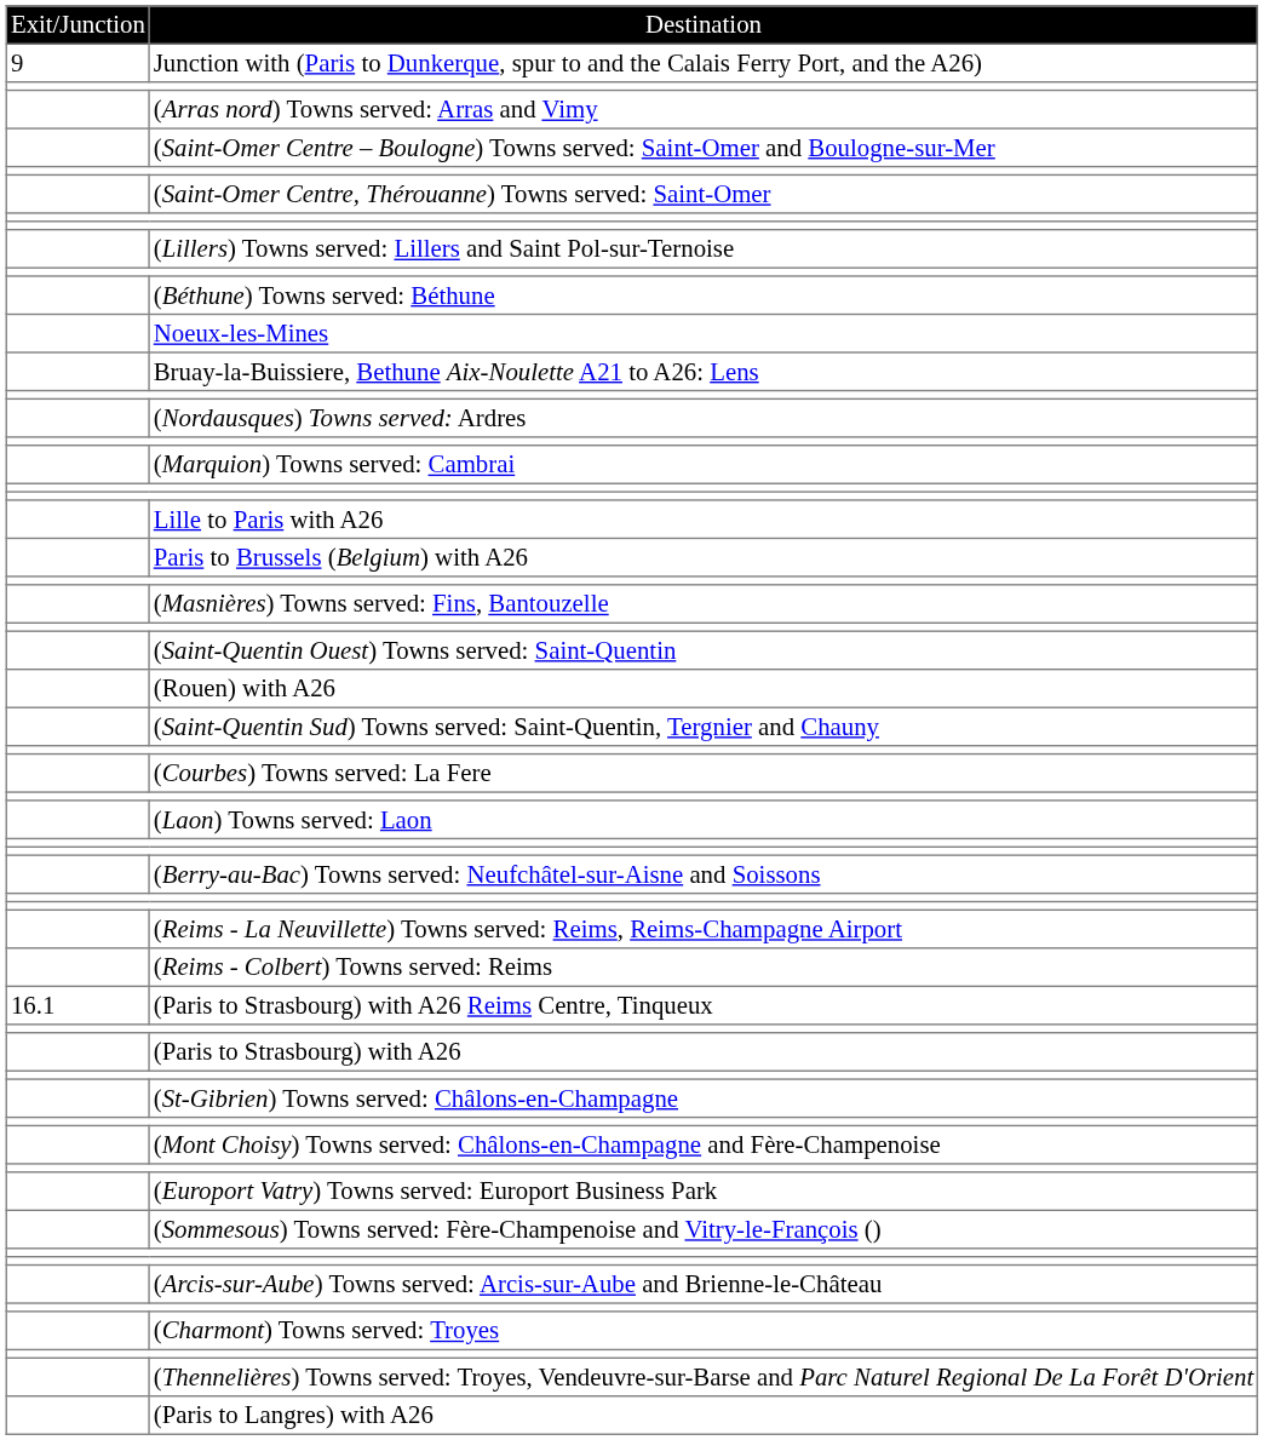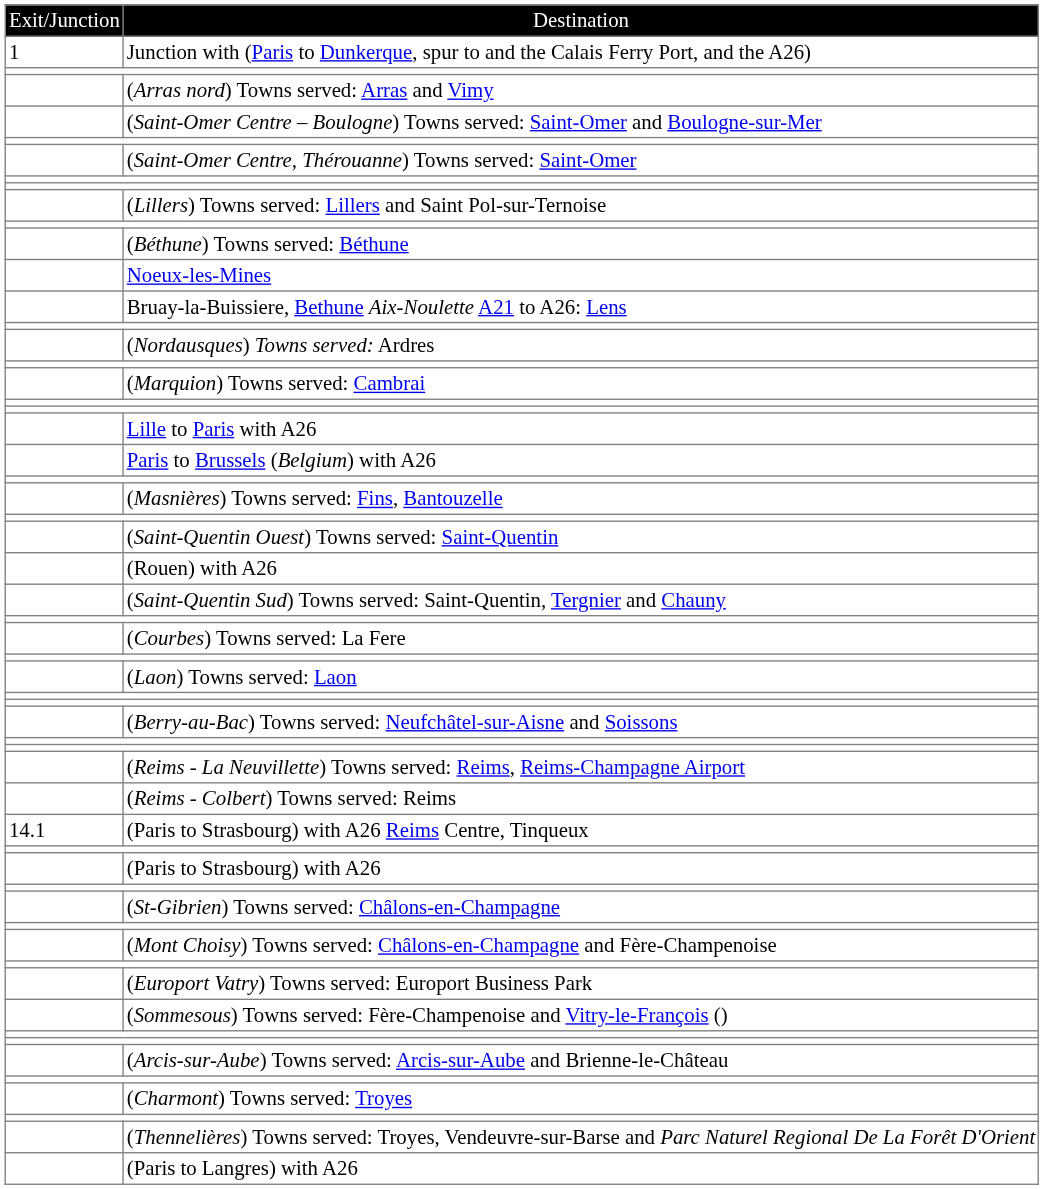 <table border="1" cellpadding="2" style="margin-left:1em; margin-bottom: 1em; color: black; border-collapse: collapse; font-size: 95%;">
 <tr align="center" bgcolor="000000" style="color: white">
 <td>Exit/Junction</td>
 <td>Destination</td>
 </tr>
 <tr>
-<td> 9</td>
+<td> 1</td>
 <td>Junction with <em></em> (<a href='#'>Paris</a> to <a href='#'>Dunkerque</a>, <em></em> spur to <strong><em></em></strong> and the Calais Ferry Port, and the A26)</td>
 </tr>
 <tr>
 <td colspan="2"></td>
 </tr>
 <tr>
 <td></td>
 <td>(<em>Arras nord</em>) Towns served: <a href='#'>Arras</a> and <a href='#'>Vimy</a></td>
 </tr>
 <tr>
 <td></td>
 <td>(<em>Saint-Omer Centre – Boulogne</em>) Towns served: <a href='#'>Saint-Omer</a> and <a href='#'>Boulogne-sur-Mer</a></td>
 </tr>
 <tr>
 <td colspan="2"></td>
 </tr>
 <tr>
 <td></td>
 <td>(<em>Saint-Omer Centre, Thérouanne</em>) Towns served: <a href='#'>Saint-Omer</a></td>
 </tr>
 <tr>
 <td colspan="2"></td>
 </tr>
 <tr>
 <td colspan="2"></td>
 </tr>
 <tr>
 <td></td>
 <td>(<em>Lillers</em>) Towns served: <a href='#'>Lillers</a> and Saint Pol-sur-Ternoise</td>
 </tr>
 <tr>
 <td colspan="2"></td>
 </tr>
 <tr>
 <td></td>
 <td>(<em>Béthune</em>) Towns served: <a href='#'>Béthune</a></td>
 </tr>
 <tr>
 <td></td>
 <td><a href='#'>Noeux-les-Mines</a></td>
 </tr>
 <tr>
 <td></td>
 <td>Bruay-la-Buissiere, <a href='#'>Bethune</a>  <em>Aix-Noulette</em> <a href='#'>A21</a> to A26: <a href='#'>Lens</a></td>
 </tr>
 <tr>
 <td colspan="2"></td>
 </tr>
 <tr>
 <td></td>
 <td>(<em>Nordausques</em>) <em>Towns served:</em> Ardres</td>
 </tr>
 <tr>
 <td colspan="2"></td>
 </tr>
 <tr>
 <td></td>
 <td>(<em>Marquion</em>) Towns served: <a href='#'>Cambrai</a></td>
 </tr>
 <tr>
 <td colspan="2"></td>
 </tr>
 <tr>
 <td colspan="2"></td>
 </tr>
 <tr>
 <td></td>
 <td><em></em> <a href='#'>Lille</a> to <a href='#'>Paris</a> with A26</td>
 </tr>
 <tr>
 <td></td>
 <td><em></em> <a href='#'>Paris</a> to <a href='#'>Brussels</a> (<em>Belgium</em>) with A26</td>
 </tr>
 <tr>
 <td colspan="2"></td>
 </tr>
 <tr>
 <td></td>
 <td>(<em>Masnières</em>) Towns served: <a href='#'>Fins</a>, <a href='#'>Bantouzelle</a></td>
 </tr>
 <tr>
 <td colspan="2"></td>
 </tr>
 <tr>
 <td></td>
 <td>(<em>Saint-Quentin Ouest</em>) Towns served: <a href='#'>Saint-Quentin</a></td>
 </tr>
 <tr>
 <td></td>
 <td><em></em> (Rouen) with A26</td>
 </tr>
 <tr>
 <td></td>
 <td>(<em>Saint-Quentin Sud</em>) Towns served: Saint-Quentin, <a href='#'>Tergnier</a> and <a href='#'>Chauny</a></td>
 </tr>
 <tr>
 <td colspan="2"></td>
 </tr>
 <tr>
 <td></td>
 <td>(<em>Courbes</em>) Towns served: La Fere</td>
 </tr>
 <tr>
 <td colspan="2"></td>
 </tr>
 <tr>
 <td></td>
 <td>(<em>Laon</em>) Towns served: <a href='#'>Laon</a></td>
 </tr>
 <tr>
 <td colspan="2"></td>
 </tr>
 <tr>
 <td colspan="2"></td>
 </tr>
 <tr>
 <td></td>
 <td>(<em>Berry-au-Bac</em>) Towns served: <a href='#'>Neufchâtel-sur-Aisne</a> and <a href='#'>Soissons</a></td>
 </tr>
 <tr>
 <td colspan="2"></td>
 </tr>
 <tr>
 <td colspan="2"></td>
 </tr>
 <tr>
 <td></td>
 <td>(<em>Reims - La Neuvillette</em>) Towns served: <a href='#'>Reims</a>, <a href='#'>Reims-Champagne Airport</a></td>
 </tr>
 <tr>
 <td></td>
 <td>(<em>Reims - Colbert</em>) Towns served: Reims</td>
 </tr>
 <tr>
-<td> 16.1</td>
+<td> 14.1</td>
 <td><em></em> (Paris to Strasbourg) with A26 <a href='#'>Reims</a> Centre, Tinqueux <em></em></td>
 </tr>
 <tr>
 <td colspan="2"></td>
 </tr>
 <tr>
 <td></td>
 <td><em></em> (Paris to Strasbourg) with A26</td>
 </tr>
 <tr>
 <td colspan="2"></td>
 </tr>
 <tr>
 <td></td>
 <td>(<em>St-Gibrien</em>) Towns served: <a href='#'>Châlons-en-Champagne</a></td>
 </tr>
 <tr>
 <td colspan="2"></td>
 </tr>
 <tr>
 <td></td>
 <td>(<em>Mont Choisy</em>) Towns served: <a href='#'>Châlons-en-Champagne</a> and Fère-Champenoise</td>
 </tr>
 <tr>
 <td colspan="2"></td>
 </tr>
 <tr>
 <td></td>
 <td>(<em>Europort Vatry</em>) Towns served: Europort Business Park</td>
 </tr>
 <tr>
 <td></td>
 <td>(<em>Sommesous</em>) Towns served: Fère-Champenoise and <a href='#'>Vitry-le-François</a> (<em></em>)</td>
 </tr>
 <tr>
 <td colspan="2"></td>
 </tr>
 <tr>
 <td colspan="2"></td>
 </tr>
 <tr>
 <td></td>
 <td>(<em>Arcis-sur-Aube</em>) Towns served: <a href='#'>Arcis-sur-Aube</a> and Brienne-le-Château</td>
 </tr>
 <tr>
 <td colspan="2"></td>
 </tr>
 <tr>
 <td></td>
 <td>(<em>Charmont</em>) Towns served: <a href='#'>Troyes</a></td>
 </tr>
 <tr>
 <td colspan="2"></td>
 </tr>
 <tr>
 <td></td>
 <td>(<em>Thennelières</em>) Towns served: Troyes, Vendeuvre-sur-Barse and <em>Parc Naturel Regional De La Forêt D'Orient</em></td>
 </tr>
 <tr>
 <td></td>
 <td><em></em> (Paris to Langres) with A26</td>
 </tr>
 </table>
